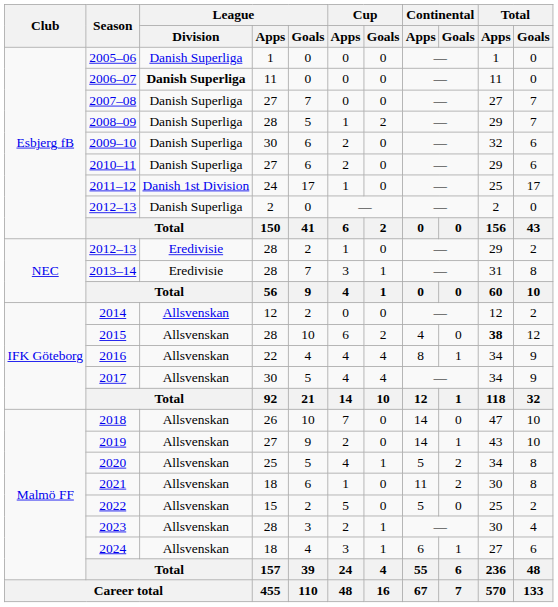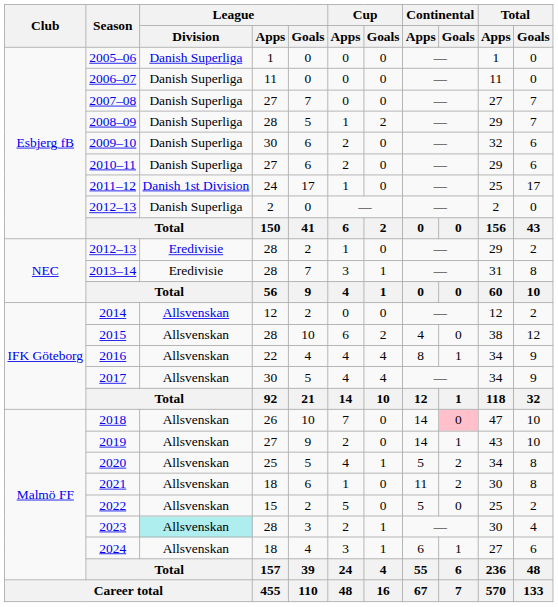 <table class="wikitable" style="text-align:center">
 <tr>
 <th rowspan="2">Club</th>
 <th rowspan="2">Season</th>
 <th colspan="3">League</th>
 <th colspan="2">Cup</th>
 <th colspan="2">Continental</th>
 <th colspan="2">Total</th>
 </tr>
 <tr>
 <th>Division</th>
 <th>Apps</th>
 <th>Goals</th>
 <th>Apps</th>
 <th>Goals</th>
 <th>Apps</th>
 <th>Goals</th>
 <th>Apps</th>
 <th>Goals</th>
 </tr>
 <tr>
 <td rowspan="9"><a href='#'>Esbjerg fB</a></td>
 <td><a href='#'>2005–06</a></td>
 <td><a href='#'>Danish Superliga</a></td>
 <td>1</td>
 <td>0</td>
 <td>0</td>
 <td>0</td>
 <td colspan="2">—</td>
 <td>1</td>
 <td>0</td>
 </tr>
 <tr>
 <td><a href='#'>2006–07</a></td>
-<td><strong>Danish Superliga</strong></td>
+<td>Danish Superliga</td>
 <td>11</td>
 <td>0</td>
 <td>0</td>
 <td>0</td>
 <td colspan="2">—</td>
 <td>11</td>
 <td>0</td>
 </tr>
 <tr>
 <td><a href='#'>2007–08</a></td>
 <td>Danish Superliga</td>
 <td>27</td>
 <td>7</td>
 <td>0</td>
 <td>0</td>
 <td colspan="2">—</td>
 <td>27</td>
 <td>7</td>
 </tr>
 <tr>
 <td><a href='#'>2008–09</a></td>
 <td>Danish Superliga</td>
 <td>28</td>
 <td>5</td>
 <td>1</td>
 <td>2</td>
 <td colspan="2">—</td>
 <td>29</td>
 <td>7</td>
 </tr>
 <tr>
 <td><a href='#'>2009–10</a></td>
 <td>Danish Superliga</td>
 <td>30</td>
 <td>6</td>
 <td>2</td>
 <td>0</td>
 <td colspan="2">—</td>
 <td>32</td>
 <td>6</td>
 </tr>
 <tr>
 <td><a href='#'>2010–11</a></td>
 <td>Danish Superliga</td>
 <td>27</td>
 <td>6</td>
 <td>2</td>
 <td>0</td>
 <td colspan="2">—</td>
 <td>29</td>
 <td>6</td>
 </tr>
 <tr>
 <td><a href='#'>2011–12</a></td>
 <td><a href='#'>Danish 1st Division</a></td>
 <td>24</td>
 <td>17</td>
 <td>1</td>
 <td>0</td>
 <td colspan="2">—</td>
 <td>25</td>
 <td>17</td>
 </tr>
 <tr>
 <td><a href='#'>2012–13</a></td>
 <td>Danish Superliga</td>
 <td>2</td>
 <td>0</td>
 <td colspan="2">—</td>
 <td colspan="2">—</td>
 <td>2</td>
 <td>0</td>
 </tr>
 <tr>
 <th colspan="2">Total</th>
 <th>150</th>
 <th>41</th>
 <th>6</th>
 <th>2</th>
 <th>0</th>
 <th>0</th>
 <th>156</th>
 <th>43</th>
 </tr>
 <tr>
 <td rowspan="3"><a href='#'>NEC</a></td>
 <td><a href='#'>2012–13</a></td>
 <td><a href='#'>Eredivisie</a></td>
 <td>28</td>
 <td>2</td>
 <td>1</td>
 <td>0</td>
 <td colspan="2">—</td>
 <td>29</td>
 <td>2</td>
 </tr>
 <tr>
 <td><a href='#'>2013–14</a></td>
 <td>Eredivisie</td>
 <td>28</td>
 <td>7</td>
 <td>3</td>
 <td>1</td>
 <td colspan="2">—</td>
 <td>31</td>
 <td>8</td>
 </tr>
 <tr>
 <th colspan="2">Total</th>
 <th>56</th>
 <th>9</th>
 <th>4</th>
 <th>1</th>
 <th>0</th>
 <th>0</th>
 <th>60</th>
 <th>10</th>
 </tr>
 <tr>
 <td rowspan="5"><a href='#'>IFK Göteborg</a></td>
 <td><a href='#'>2014</a></td>
 <td><a href='#'>Allsvenskan</a></td>
 <td>12</td>
 <td>2</td>
 <td>0</td>
 <td>0</td>
 <td colspan="2">—</td>
 <td>12</td>
 <td>2</td>
 </tr>
 <tr>
 <td><a href='#'>2015</a></td>
 <td>Allsvenskan</td>
 <td>28</td>
 <td>10</td>
 <td>6</td>
 <td>2</td>
 <td>4</td>
 <td>0</td>
-<td><strong>38</strong></td>
+<td>38</td>
 <td>12</td>
 </tr>
 <tr>
 <td><a href='#'>2016</a></td>
 <td>Allsvenskan</td>
 <td>22</td>
 <td>4</td>
 <td>4</td>
 <td>4</td>
 <td>8</td>
 <td>1</td>
 <td>34</td>
 <td>9</td>
 </tr>
 <tr>
 <td><a href='#'>2017</a></td>
 <td>Allsvenskan</td>
 <td>30</td>
 <td>5</td>
 <td>4</td>
 <td>4</td>
 <td colspan="2">—</td>
 <td>34</td>
 <td>9</td>
 </tr>
 <tr>
 <th colspan="2">Total</th>
 <th>92</th>
 <th>21</th>
 <th>14</th>
 <th>10</th>
 <th>12</th>
 <th>1</th>
 <th>118</th>
 <th>32</th>
 </tr>
 <tr>
 <td rowspan="8"><a href='#'>Malmö FF</a></td>
 <td><a href='#'>2018</a></td>
 <td>Allsvenskan</td>
 <td>26</td>
 <td>10</td>
 <td>7</td>
 <td>0</td>
 <td>14</td>
-<td>0</td>
+<td style="background: pink;">0</td>
 <td>47</td>
 <td>10</td>
 </tr>
 <tr>
 <td><a href='#'>2019</a></td>
 <td>Allsvenskan</td>
 <td>27</td>
 <td>9</td>
 <td>2</td>
 <td>0</td>
 <td>14</td>
 <td>1</td>
 <td>43</td>
 <td>10</td>
 </tr>
 <tr>
 <td><a href='#'>2020</a></td>
 <td>Allsvenskan</td>
 <td>25</td>
 <td>5</td>
 <td>4</td>
 <td>1</td>
 <td>5</td>
 <td>2</td>
 <td>34</td>
 <td>8</td>
 </tr>
 <tr>
 <td><a href='#'>2021</a></td>
 <td>Allsvenskan</td>
 <td>18</td>
 <td>6</td>
 <td>1</td>
 <td>0</td>
 <td>11</td>
 <td>2</td>
 <td>30</td>
 <td>8</td>
 </tr>
 <tr>
 <td><a href='#'>2022</a></td>
 <td>Allsvenskan</td>
 <td>15</td>
 <td>2</td>
 <td>5</td>
 <td>0</td>
 <td>5</td>
 <td>0</td>
 <td>25</td>
 <td>2</td>
 </tr>
 <tr>
 <td><a href='#'>2023</a></td>
-<td>Allsvenskan</td>
+<td style="background: paleturquoise;">Allsvenskan</td>
 <td>28</td>
 <td>3</td>
 <td>2</td>
 <td>1</td>
 <td colspan="2">—</td>
 <td>30</td>
 <td>4</td>
 </tr>
 <tr>
 <td><a href='#'>2024</a></td>
 <td>Allsvenskan</td>
 <td>18</td>
 <td>4</td>
 <td>3</td>
 <td>1</td>
 <td>6</td>
 <td>1</td>
 <td>27</td>
 <td>6</td>
 </tr>
 <tr>
 <th colspan="2">Total</th>
 <th>157</th>
 <th>39</th>
 <th>24</th>
 <th>4</th>
 <th>55</th>
 <th>6</th>
 <th>236</th>
 <th>48</th>
 </tr>
 <tr>
 <th colspan="3">Career total</th>
 <th>455</th>
 <th>110</th>
 <th>48</th>
 <th>16</th>
 <th>67</th>
 <th>7</th>
 <th>570</th>
 <th>133</th>
 </tr>
 </table>
